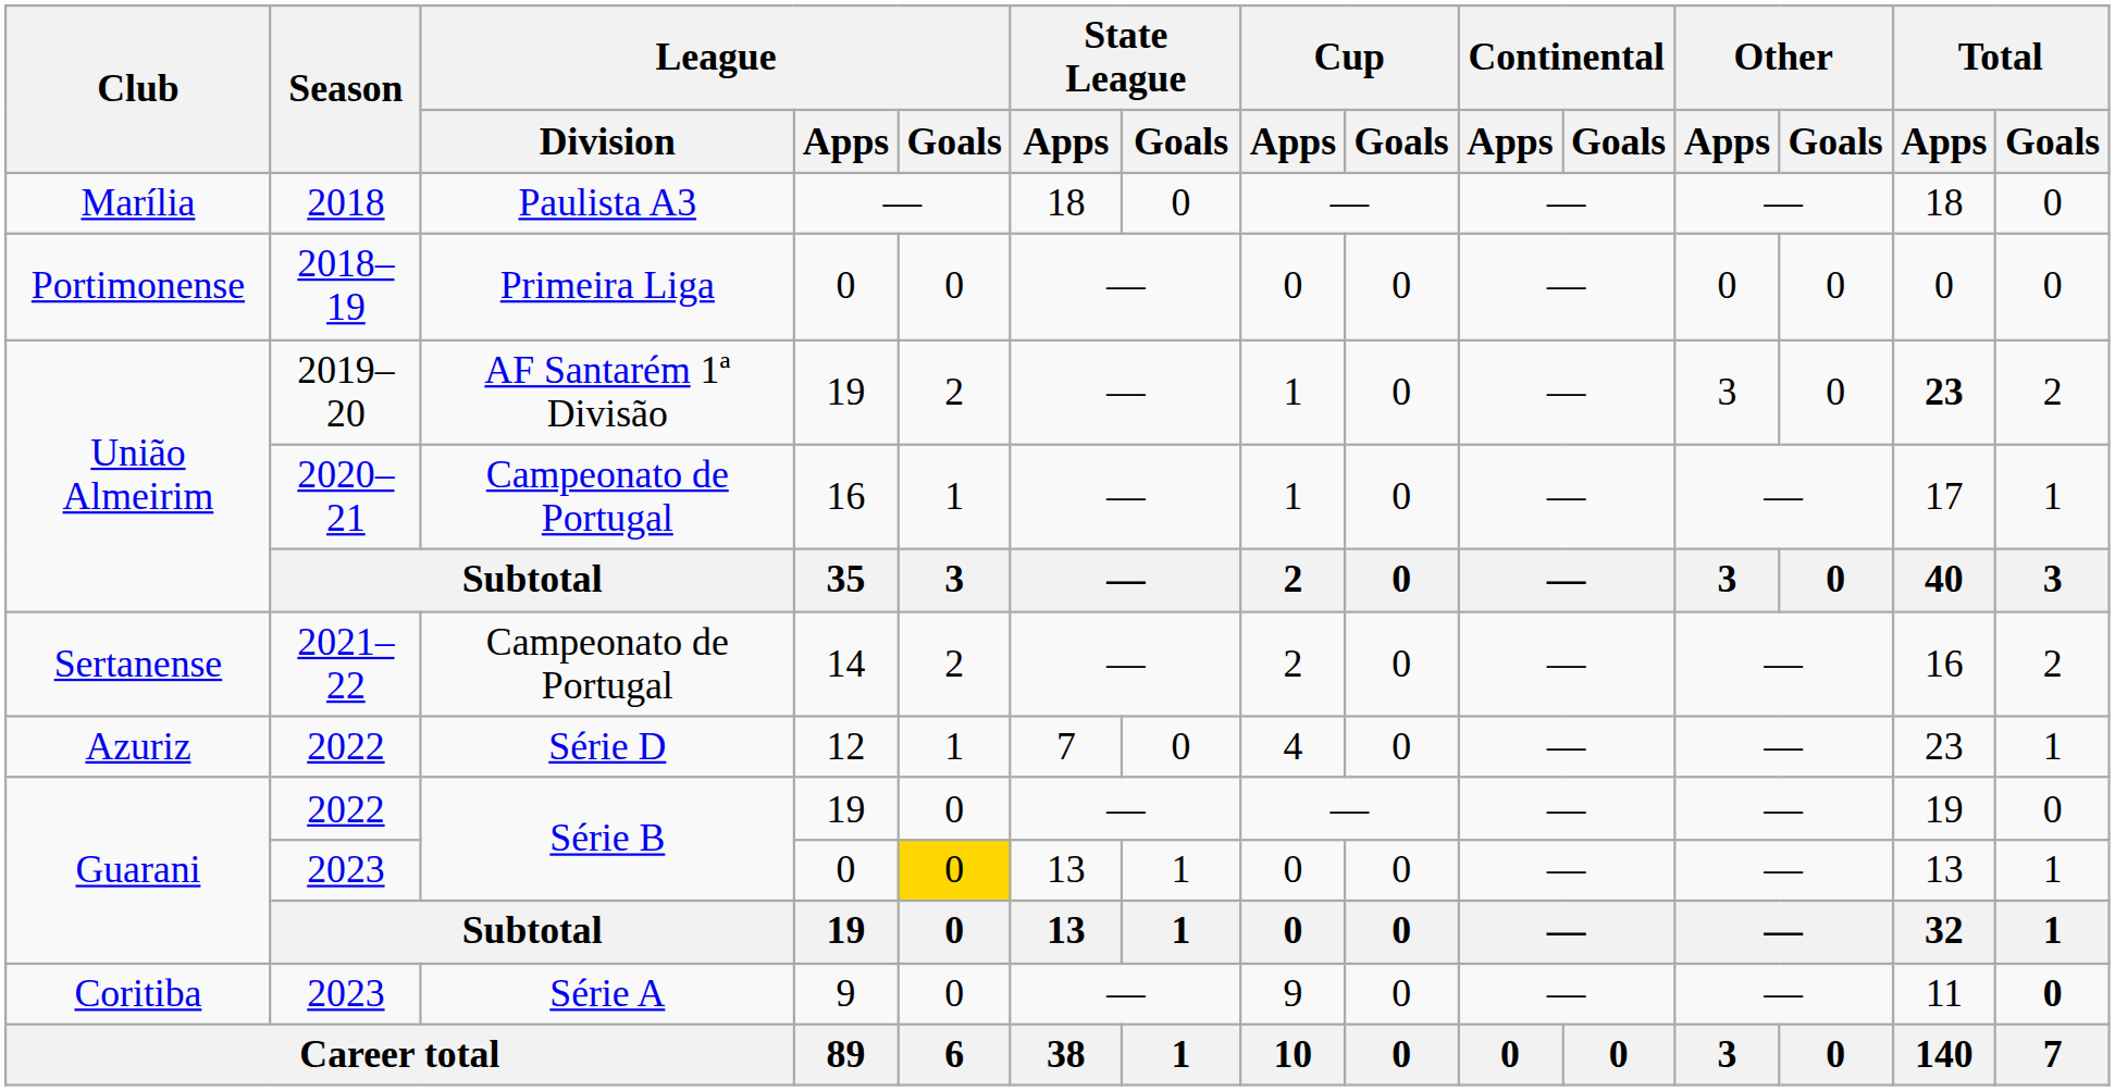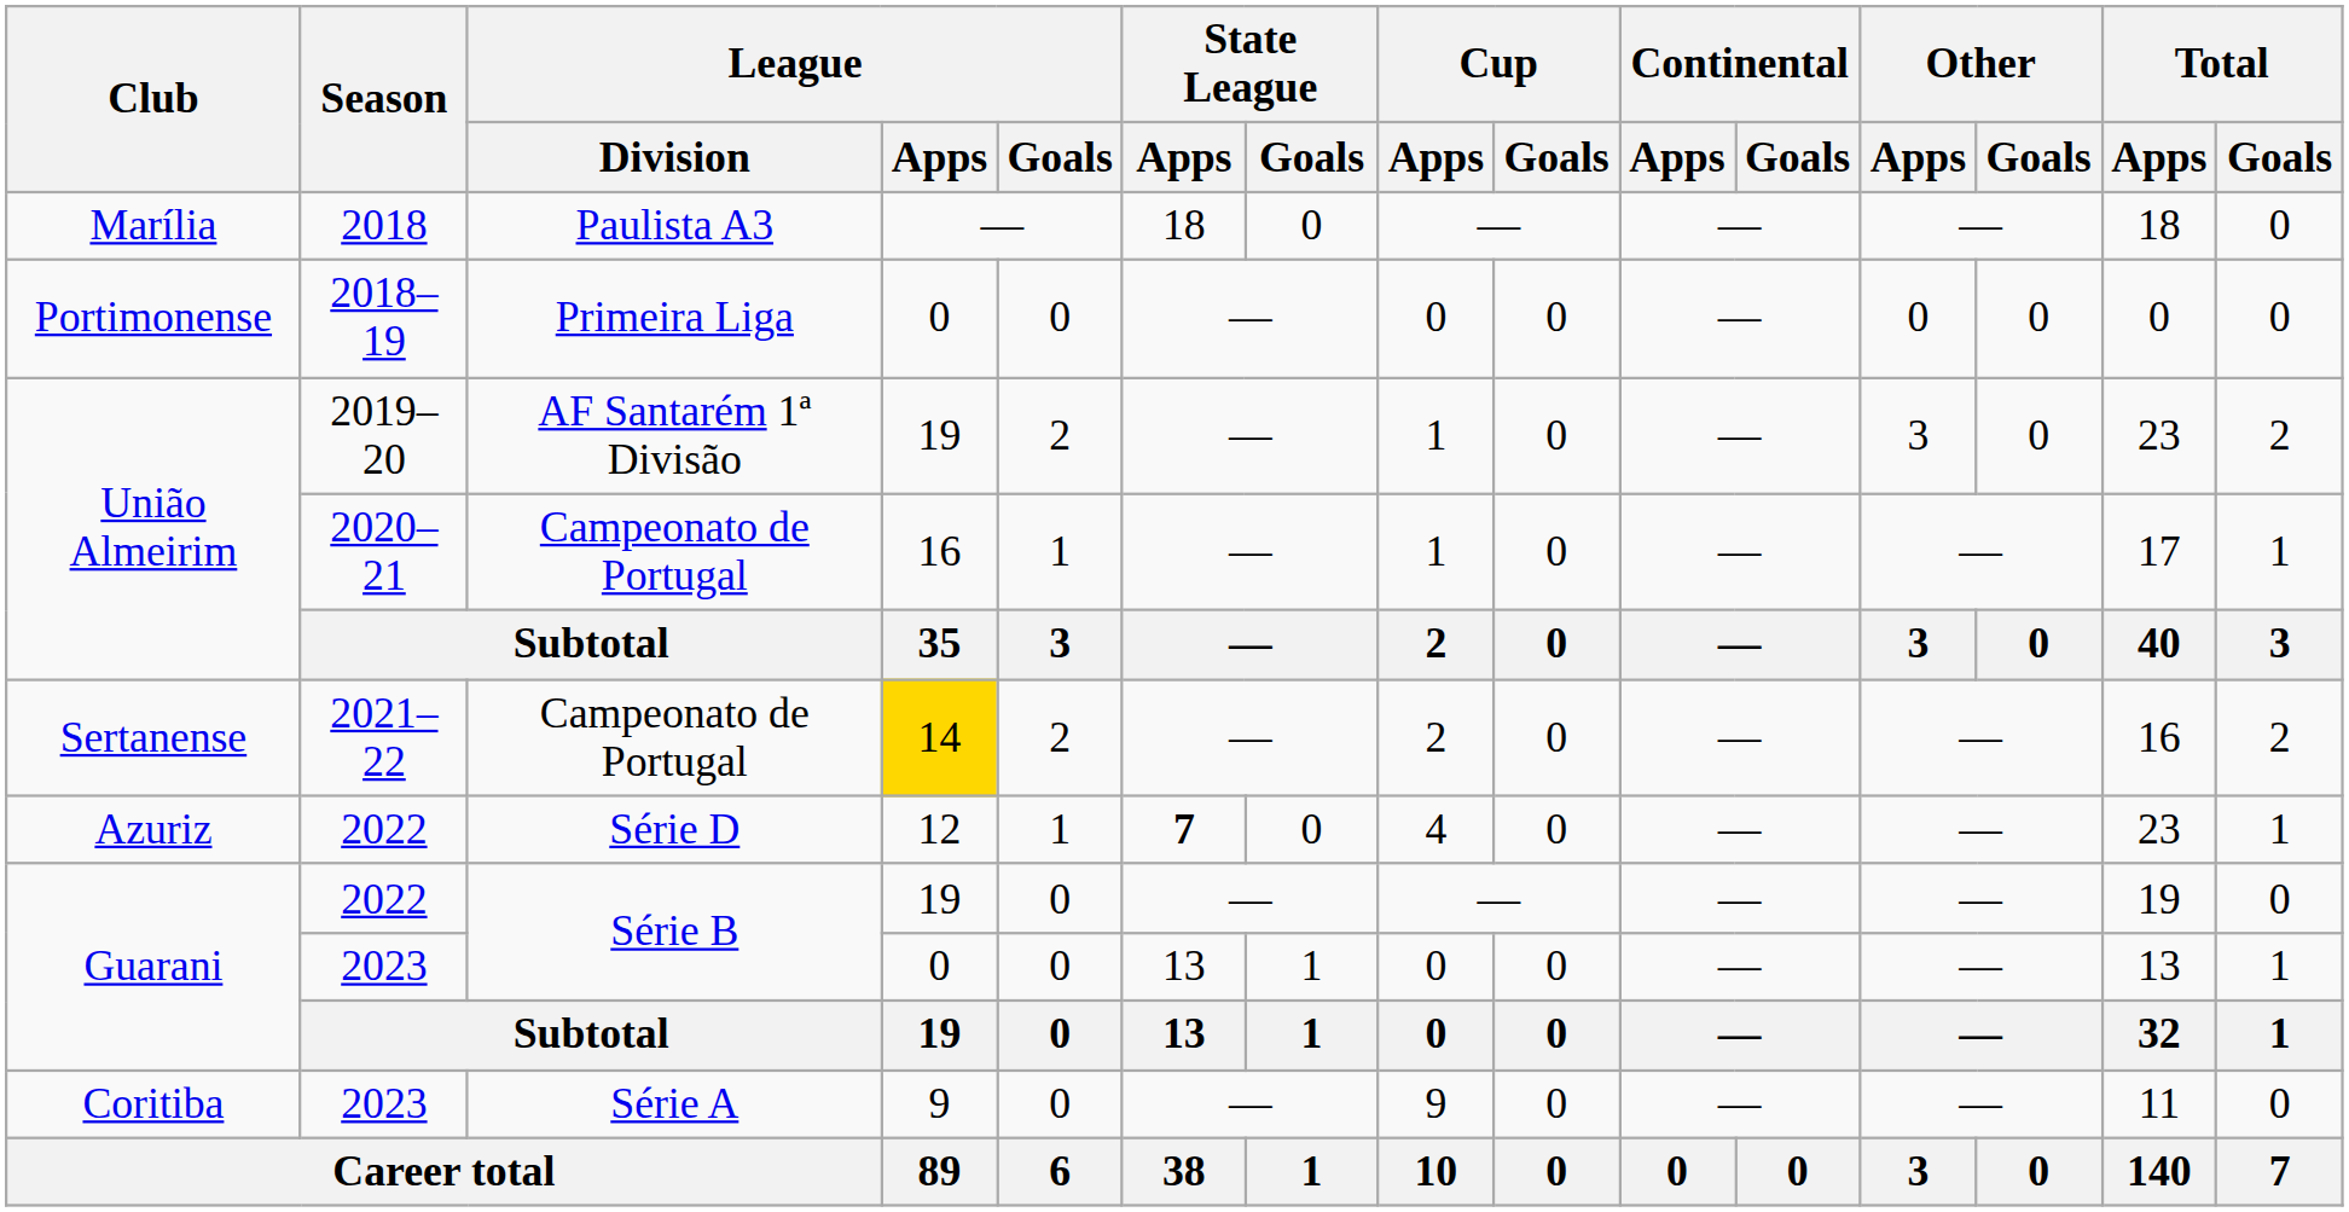 <table class="wikitable" style="text-align: center;">
 <tr>
 <th rowspan="2">Club</th>
 <th rowspan="2">Season</th>
 <th colspan="3">League</th>
 <th colspan="2">State League</th>
 <th colspan="2">Cup</th>
 <th colspan="2">Continental</th>
 <th colspan="2">Other</th>
 <th colspan="2">Total</th>
 </tr>
 <tr>
 <th>Division</th>
 <th>Apps</th>
 <th>Goals</th>
 <th>Apps</th>
 <th>Goals</th>
 <th>Apps</th>
 <th>Goals</th>
 <th>Apps</th>
 <th>Goals</th>
 <th>Apps</th>
 <th>Goals</th>
 <th>Apps</th>
 <th>Goals</th>
 </tr>
 <tr>
 <td align="center"><a href='#'>Marília</a></td>
 <td><a href='#'>2018</a></td>
 <td><a href='#'>Paulista A3</a></td>
 <td colspan="2">—</td>
 <td>18</td>
 <td>0</td>
 <td colspan="2">—</td>
 <td colspan="2">—</td>
 <td colspan="2">—</td>
 <td>18</td>
 <td>0</td>
 </tr>
 <tr>
 <td align="center"><a href='#'>Portimonense</a></td>
 <td><a href='#'>2018–19</a></td>
 <td><a href='#'>Primeira Liga</a></td>
 <td>0</td>
 <td>0</td>
 <td colspan="2">—</td>
 <td>0</td>
 <td>0</td>
 <td colspan="2">—</td>
 <td>0</td>
 <td>0</td>
 <td>0</td>
 <td>0</td>
 </tr>
 <tr>
 <td rowspan="3" align="center"><a href='#'>União Almeirim</a></td>
 <td>2019–20</td>
 <td><a href='#'>AF Santarém</a> 1ª Divisão</td>
 <td>19</td>
 <td>2</td>
 <td colspan="2">—</td>
 <td>1</td>
 <td>0</td>
 <td colspan="2">—</td>
 <td>3</td>
 <td>0</td>
-<td><strong>23</strong></td>
+<td>23</td>
 <td>2</td>
 </tr>
 <tr>
 <td><a href='#'>2020–21</a></td>
 <td><a href='#'>Campeonato de Portugal</a></td>
 <td>16</td>
 <td>1</td>
 <td colspan="2">—</td>
 <td>1</td>
 <td>0</td>
 <td colspan="2">—</td>
 <td colspan="2">—</td>
 <td>17</td>
 <td>1</td>
 </tr>
 <tr>
 <th colspan="2">Subtotal</th>
 <th>35</th>
 <th>3</th>
 <th colspan="2">—</th>
 <th>2</th>
 <th>0</th>
 <th colspan="2">—</th>
 <th>3</th>
 <th>0</th>
 <th>40</th>
 <th>3</th>
 </tr>
 <tr>
 <td align="center"><a href='#'>Sertanense</a></td>
 <td><a href='#'>2021–22</a></td>
 <td>Campeonato de Portugal</td>
-<td>14</td>
+<td style="background: gold;">14</td>
 <td>2</td>
 <td colspan="2">—</td>
 <td>2</td>
 <td>0</td>
 <td colspan="2">—</td>
 <td colspan="2">—</td>
 <td>16</td>
 <td>2</td>
 </tr>
 <tr>
 <td align="center"><a href='#'>Azuriz</a></td>
 <td><a href='#'>2022</a></td>
 <td><a href='#'>Série D</a></td>
 <td>12</td>
 <td>1</td>
-<td>7</td>
+<td><strong>7</strong></td>
 <td>0</td>
 <td>4</td>
 <td>0</td>
 <td colspan="2">—</td>
 <td colspan="2">—</td>
 <td>23</td>
 <td>1</td>
 </tr>
 <tr>
 <td rowspan="3" align="center"><a href='#'>Guarani</a></td>
 <td><a href='#'>2022</a></td>
 <td rowspan="2"><a href='#'>Série B</a></td>
 <td>19</td>
 <td>0</td>
 <td colspan="2">—</td>
 <td colspan="2">—</td>
 <td colspan="2">—</td>
 <td colspan="2">—</td>
 <td>19</td>
 <td>0</td>
 </tr>
 <tr>
 <td><a href='#'>2023</a></td>
 <td>0</td>
-<td style="background: gold;">0</td>
+<td>0</td>
 <td>13</td>
 <td>1</td>
 <td>0</td>
 <td>0</td>
 <td colspan="2">—</td>
 <td colspan="2">—</td>
 <td>13</td>
 <td>1</td>
 </tr>
 <tr>
 <th colspan="2">Subtotal</th>
 <th>19</th>
 <th>0</th>
 <th>13</th>
 <th>1</th>
 <th>0</th>
 <th>0</th>
 <th colspan="2">—</th>
 <th colspan="2">—</th>
 <th>32</th>
 <th>1</th>
 </tr>
 <tr>
 <td align="center"><a href='#'>Coritiba</a></td>
 <td><a href='#'>2023</a></td>
 <td><a href='#'>Série A</a></td>
 <td>9</td>
 <td>0</td>
 <td colspan="2">—</td>
 <td>9</td>
 <td>0</td>
 <td colspan="2">—</td>
 <td colspan="2">—</td>
 <td>11</td>
-<td><strong>0</strong></td>
+<td>0</td>
 </tr>
 <tr>
 <th colspan="3"><strong>Career total</strong></th>
 <th>89</th>
 <th>6</th>
 <th>38</th>
 <th>1</th>
 <th>10</th>
 <th>0</th>
 <th>0</th>
 <th>0</th>
 <th>3</th>
 <th>0</th>
 <th>140</th>
 <th>7</th>
 </tr>
 </table>
